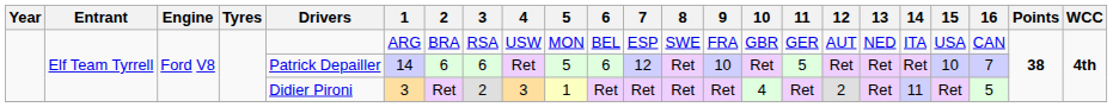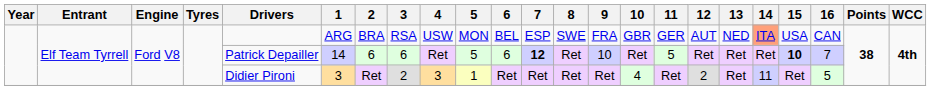 <table class="wikitable" style="text-align:center; font-size:90%">
 <tr>
 <th>Year</th>
 <th>Entrant</th>
 <th>Engine</th>
 <th>Tyres</th>
 <th>Drivers</th>
 <th>1</th>
 <th>2</th>
 <th>3</th>
 <th>4</th>
 <th>5</th>
 <th>6</th>
 <th>7</th>
 <th>8</th>
 <th>9</th>
 <th>10</th>
 <th>11</th>
 <th>12</th>
 <th>13</th>
 <th>14</th>
 <th>15</th>
 <th>16</th>
 <th>Points</th>
 <th>WCC</th>
 </tr>
 <tr>
 <td rowspan="3"></td>
 <td rowspan="3"><a href='#'>Elf Team Tyrrell</a></td>
 <td rowspan="3"><a href='#'>Ford</a> <a href='#'>V8</a></td>
 <td rowspan="3"></td>
 <td></td>
 <td><a href='#'>ARG</a></td>
 <td><a href='#'>BRA</a></td>
 <td><a href='#'>RSA</a></td>
 <td><a href='#'>USW</a></td>
 <td><a href='#'>MON</a></td>
 <td><a href='#'>BEL</a></td>
 <td><a href='#'>ESP</a></td>
 <td><a href='#'>SWE</a></td>
 <td><a href='#'>FRA</a></td>
 <td><a href='#'>GBR</a></td>
 <td><a href='#'>GER</a></td>
 <td><a href='#'>AUT</a></td>
 <td><a href='#'>NED</a></td>
-<td><a href='#'>ITA</a></td>
+<td style="background: lightsalmon;"><a href='#'>ITA</a></td>
 <td><a href='#'>USA</a></td>
 <td><a href='#'>CAN</a></td>
 <td rowspan="3"><strong>38</strong></td>
 <td rowspan="3"><strong>4th</strong></td>
 </tr>
 <tr>
 <td align="left"><a href='#'>Patrick Depailler</a></td>
 <td style="background:#cfcfff;">14</td>
 <td style="background:#dfffdf;">6</td>
 <td style="background:#dfffdf;">6</td>
 <td style="background:#efcfff;">Ret</td>
 <td style="background:#dfffdf;">5</td>
 <td style="background:#dfffdf;">6</td>
-<td style="background:#cfcfff;">12</td>
+<td style="background:#cfcfff;"><strong>12</strong></td>
 <td style="background:#efcfff;">Ret</td>
 <td style="background:#cfcfff;">10</td>
 <td style="background:#efcfff;">Ret</td>
 <td style="background:#dfffdf;">5</td>
 <td style="background:#efcfff;">Ret</td>
 <td style="background:#efcfff;">Ret</td>
 <td style="background:#efcfff;">Ret</td>
-<td style="background:#cfcfff;">10</td>
+<td style="background:#cfcfff;"><strong>10</strong></td>
 <td style="background:#cfcfff;">7</td>
 </tr>
 <tr>
 <td align="left"><a href='#'>Didier Pironi</a></td>
 <td style="background:#FFDF9F;">3</td>
 <td style="background:#EFCFFF;">Ret</td>
 <td style="background:#DFDFDF;">2</td>
 <td style="background:#FFDF9F;">3</td>
 <td style="background:#FBFFBF;">1</td>
 <td style="background:#EFCFFF;">Ret</td>
 <td style="background:#EFCFFF;">Ret</td>
 <td style="background:#EFCFFF;">Ret</td>
 <td style="background:#EFCFFF;">Ret</td>
 <td style="background:#DFFFDF;">4</td>
 <td style="background:#EFCFFF;">Ret</td>
 <td style="background:#DFDFDF;">2</td>
 <td style="background:#EFCFFF;">Ret</td>
 <td style="background:#CFCFFF;">11</td>
 <td style="background:#EFCFFF;">Ret</td>
 <td style="background:#DFFFDF;">5</td>
 </tr>
 <tr>
 </tr>
 </table>
